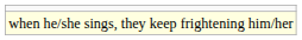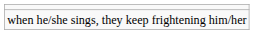 <table class="wikitable">
 <tr>
 <td></td>
 </tr>
 <tr>
-<td style="background: lightyellow;">when he/she sings, they keep frightening him/her</td>
+<td>when he/she sings, they keep frightening him/her</td>
 </tr>
 </table>
